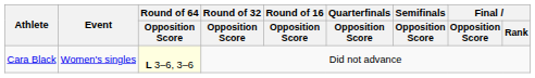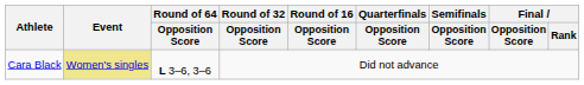 <table class=wikitable style="font-size:90%">
 <tr>
 <th rowspan="2">Athlete</th>
 <th rowspan="2">Event</th>
 <th>Round of 64</th>
 <th>Round of 32</th>
 <th>Round of 16</th>
 <th>Quarterfinals</th>
 <th>Semifinals</th>
 <th colspan=2>Final / </th>
 </tr>
 <tr style="font-size:95%">
 <th>Opposition<br>Score</th>
 <th>Opposition<br>Score</th>
 <th>Opposition<br>Score</th>
 <th>Opposition<br>Score</th>
 <th>Opposition<br>Score</th>
 <th>Opposition<br>Score</th>
 <th>Rank</th>
 </tr>
 <tr align=center>
 <td align=left><a href='#'>Cara Black</a></td>
-<td align=left><a href='#'>Women's singles</a></td>
-<td style="background: lightyellow;"><br><strong>L</strong> 3–6, 3–6</td>
+<td align=left style="background: khaki;"><a href='#'>Women's singles</a></td>
+<td><br><strong>L</strong> 3–6, 3–6</td>
 <td colspan=6>Did not advance</td>
 </tr>
 </table>
